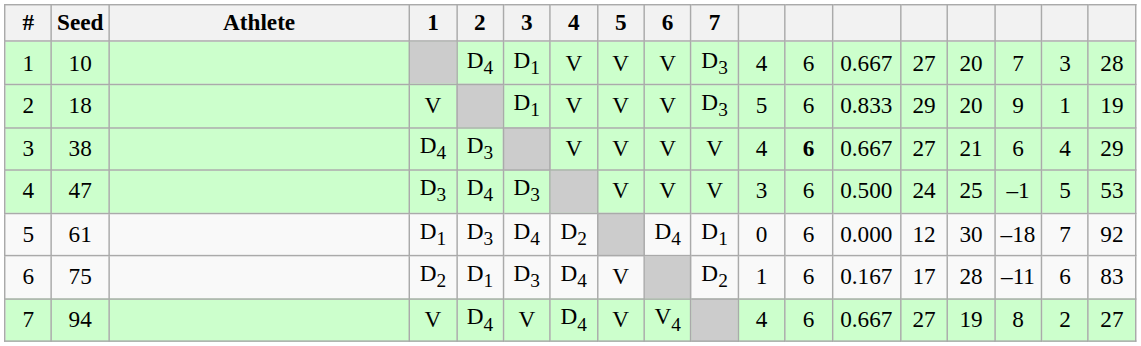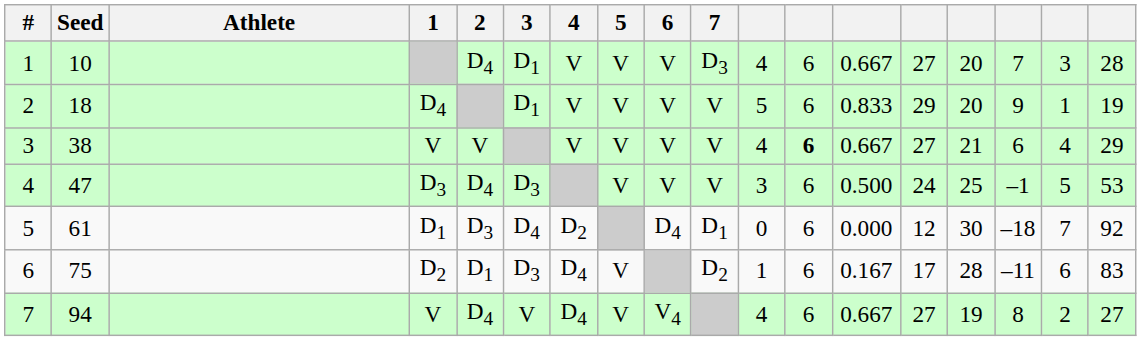 <table class="wikitable" style="text-align:center">
 <tr>
 <th width="25">#</th>
 <th width="25">Seed</th>
 <th width="200">Athlete</th>
 <th width="25">1</th>
 <th width="25">2</th>
 <th width="25">3</th>
 <th width="25">4</th>
 <th width="25">5</th>
 <th width="25">6</th>
 <th width="25">7</th>
 <th width="25"></th>
 <th width="25"></th>
 <th width="40"></th>
 <th width="25"></th>
 <th width="25"></th>
 <th width="25"></th>
 <th width="25"></th>
 <th width="25"></th>
 </tr>
 <tr bgcolor="ccffcc">
 <td>1</td>
 <td>10</td>
 <td align=left></td>
 <td bgcolor="#cccccc"></td>
 <td>D<sub>4</sub></td>
 <td>D<sub>1</sub></td>
 <td>V</td>
 <td>V</td>
 <td>V</td>
 <td>D<sub>3</sub></td>
 <td>4</td>
 <td>6</td>
 <td>0.667</td>
 <td>27</td>
 <td>20</td>
 <td>7</td>
 <td>3</td>
 <td>28</td>
 </tr>
 <tr bgcolor="ccffcc">
 <td>2</td>
 <td>18</td>
 <td align=left></td>
-<td>V</td>
+<td>D<sub>4</sub></td>
 <td bgcolor="#cccccc"></td>
 <td>D<sub>1</sub></td>
 <td>V</td>
 <td>V</td>
 <td>V</td>
-<td>D<sub>3</sub></td>
+<td>V</td>
 <td>5</td>
 <td>6</td>
 <td>0.833</td>
 <td>29</td>
 <td>20</td>
 <td>9</td>
 <td>1</td>
 <td>19</td>
 </tr>
 <tr bgcolor="ccffcc">
 <td>3</td>
 <td>38</td>
 <td align=left></td>
-<td>D<sub>4</sub></td>
-<td>D<sub>3</sub></td>
+<td>V</td>
+<td>V</td>
 <td bgcolor="#cccccc"></td>
 <td>V</td>
 <td>V</td>
 <td>V</td>
 <td>V</td>
 <td>4</td>
 <td><strong>6</strong></td>
 <td>0.667</td>
 <td>27</td>
 <td>21</td>
 <td>6</td>
 <td>4</td>
 <td>29</td>
 </tr>
 <tr bgcolor="ccffcc">
 <td>4</td>
 <td>47</td>
 <td align=left></td>
 <td>D<sub>3</sub></td>
 <td>D<sub>4</sub></td>
 <td>D<sub>3</sub></td>
 <td bgcolor="#cccccc"></td>
 <td>V</td>
 <td>V</td>
 <td>V</td>
 <td>3</td>
 <td>6</td>
 <td>0.500</td>
 <td>24</td>
 <td>25</td>
 <td>–1</td>
 <td>5</td>
 <td>53</td>
 </tr>
 <tr>
 <td>5</td>
 <td>61</td>
 <td align=left></td>
 <td>D<sub>1</sub></td>
 <td>D<sub>3</sub></td>
 <td>D<sub>4</sub></td>
 <td>D<sub>2</sub></td>
 <td bgcolor="#cccccc"></td>
 <td>D<sub>4</sub></td>
 <td>D<sub>1</sub></td>
 <td>0</td>
 <td>6</td>
 <td>0.000</td>
 <td>12</td>
 <td>30</td>
 <td>–18</td>
 <td>7</td>
 <td>92</td>
 </tr>
 <tr>
 <td>6</td>
 <td>75</td>
 <td align=left></td>
 <td>D<sub>2</sub></td>
 <td>D<sub>1</sub></td>
 <td>D<sub>3</sub></td>
 <td>D<sub>4</sub></td>
 <td>V</td>
 <td bgcolor="#cccccc"></td>
 <td>D<sub>2</sub></td>
 <td>1</td>
 <td>6</td>
 <td>0.167</td>
 <td>17</td>
 <td>28</td>
 <td>–11</td>
 <td>6</td>
 <td>83</td>
 </tr>
 <tr bgcolor="ccffcc">
 <td>7</td>
 <td>94</td>
 <td align=left></td>
 <td>V</td>
 <td>D<sub>4</sub></td>
 <td>V</td>
 <td>D<sub>4</sub></td>
 <td>V</td>
 <td>V<sub>4</sub></td>
 <td bgcolor="#cccccc"></td>
 <td>4</td>
 <td>6</td>
 <td>0.667</td>
 <td>27</td>
 <td>19</td>
 <td>8</td>
 <td>2</td>
 <td>27</td>
 </tr>
 </table>
